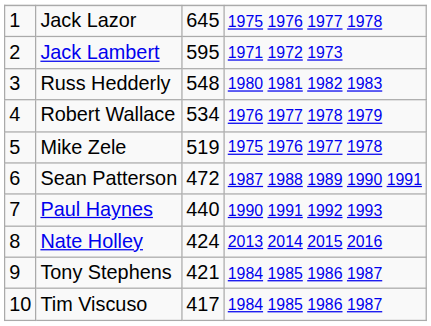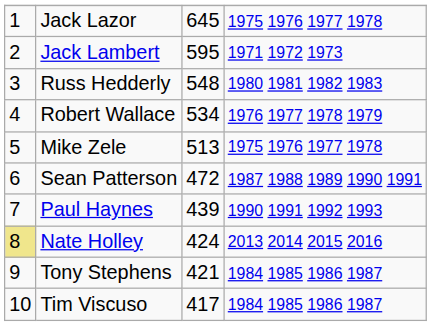 <table class="wikitable" style="display:inline-table;">
 <tr>
 </tr>
 <tr>
 <td>1</td>
 <td>Jack Lazor</td>
 <td>645</td>
 <td style="font-size:80%;"><a href='#'>1975</a> <a href='#'>1976</a> <a href='#'>1977</a> <a href='#'>1978</a></td>
 </tr>
 <tr>
 <td>2</td>
 <td><a href='#'>Jack Lambert</a></td>
 <td>595</td>
 <td style="font-size:80%;"><a href='#'>1971</a> <a href='#'>1972</a> <a href='#'>1973</a></td>
 </tr>
 <tr>
 <td>3</td>
 <td>Russ Hedderly</td>
 <td>548</td>
 <td style="font-size:80%;"><a href='#'>1980</a> <a href='#'>1981</a> <a href='#'>1982</a> <a href='#'>1983</a></td>
 </tr>
 <tr>
 <td>4</td>
 <td>Robert Wallace</td>
 <td>534</td>
 <td style="font-size:80%;"><a href='#'>1976</a> <a href='#'>1977</a> <a href='#'>1978</a> <a href='#'>1979</a></td>
 </tr>
 <tr>
 <td>5</td>
 <td>Mike Zele</td>
-<td>519</td>
+<td>513</td>
 <td style="font-size:80%;"><a href='#'>1975</a> <a href='#'>1976</a> <a href='#'>1977</a> <a href='#'>1978</a></td>
 </tr>
 <tr>
 <td>6</td>
 <td>Sean Patterson</td>
 <td>472</td>
 <td style="font-size:80%;"><a href='#'>1987</a> <a href='#'>1988</a> <a href='#'>1989</a> <a href='#'>1990</a> <a href='#'>1991</a></td>
 </tr>
 <tr>
 <td>7</td>
 <td><a href='#'>Paul Haynes</a></td>
-<td>440</td>
+<td>439</td>
 <td style="font-size:80%;"><a href='#'>1990</a> <a href='#'>1991</a> <a href='#'>1992</a> <a href='#'>1993</a></td>
 </tr>
 <tr>
-<td>8</td>
+<td style="background: khaki;">8</td>
 <td><a href='#'>Nate Holley</a></td>
 <td>424</td>
 <td style="font-size:80%;"><a href='#'>2013</a> <a href='#'>2014</a> <a href='#'>2015</a> <a href='#'>2016</a></td>
 </tr>
 <tr>
 <td>9</td>
 <td>Tony Stephens</td>
 <td>421</td>
 <td style="font-size:80%;"><a href='#'>1984</a> <a href='#'>1985</a> <a href='#'>1986</a> <a href='#'>1987</a></td>
 </tr>
 <tr>
 <td>10</td>
 <td>Tim Viscuso</td>
 <td>417</td>
 <td style="font-size:80%;"><a href='#'>1984</a> <a href='#'>1985</a> <a href='#'>1986</a> <a href='#'>1987</a></td>
 </tr>
 </table>
